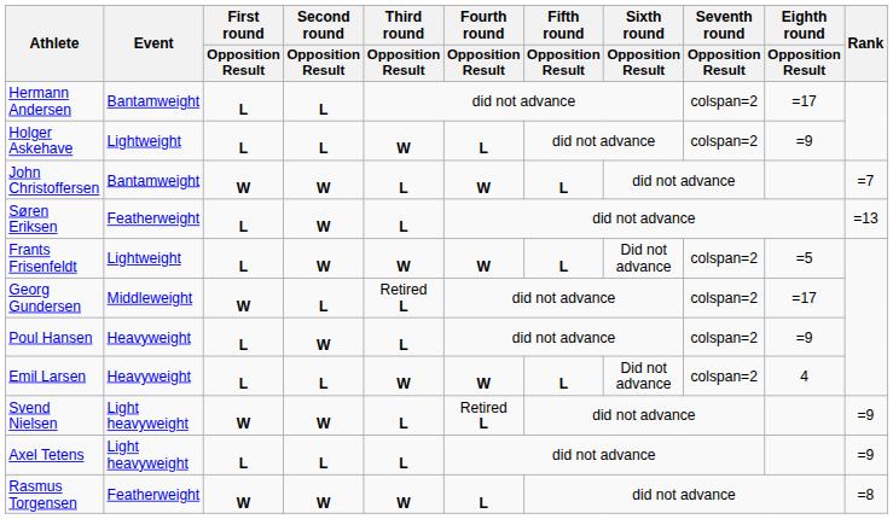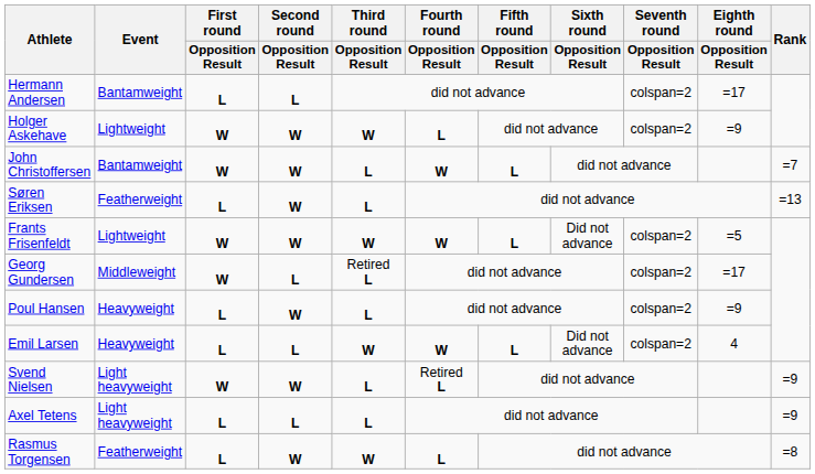 <table class="wikitable" style="font-size:90%;">
 <tr>
 <th rowspan=2>Athlete</th>
 <th rowspan=2>Event</th>
 <th>First round</th>
 <th>Second round</th>
 <th>Third round</th>
 <th>Fourth round</th>
 <th>Fifth round</th>
 <th>Sixth round</th>
 <th>Seventh round</th>
 <th>Eighth round</th>
 <th rowspan=2>Rank</th>
 </tr>
 <tr style="font-size: 95%">
 <th>Opposition<br>Result</th>
 <th>Opposition<br>Result</th>
 <th>Opposition<br>Result</th>
 <th>Opposition<br>Result</th>
 <th>Opposition<br>Result</th>
 <th>Opposition<br>Result</th>
 <th>Opposition<br>Result</th>
 <th>Opposition<br>Result</th>
 </tr>
 <tr align=center>
 <td align=left><a href='#'>Hermann Andersen</a></td>
 <td align=left><a href='#'>Bantamweight</a></td>
 <td> <br> <strong>L</strong></td>
 <td> <br> <strong>L</strong></td>
 <td colspan=4>did not advance</td>
 <td>colspan=2 </td>
 <td>=17</td>
 </tr>
 <tr align=center>
 <td align=left><a href='#'>Holger Askehave</a></td>
 <td align=left><a href='#'>Lightweight</a></td>
-<td> <br> <strong>L</strong></td>
-<td> <br> <strong>L</strong></td>
+<td> <br> <strong>W</strong></td>
+<td> <br> <strong>W</strong></td>
 <td> <br> <strong>W</strong></td>
 <td> <br> <strong>L</strong></td>
 <td colspan=2>did not advance</td>
 <td>colspan=2 </td>
 <td>=9</td>
 </tr>
 <tr align=center>
 <td align=left><a href='#'>John Christoffersen</a></td>
 <td align=left><a href='#'>Bantamweight</a></td>
 <td> <br> <strong>W</strong></td>
 <td> <br> <strong>W</strong></td>
 <td> <br> <strong>L</strong></td>
 <td> <br> <strong>W</strong></td>
 <td> <br> <strong>L</strong></td>
 <td colspan=2>did not advance</td>
 <td></td>
 <td>=7</td>
 </tr>
 <tr align=center>
 <td align=left><a href='#'>Søren Eriksen</a></td>
 <td align=left><a href='#'>Featherweight</a></td>
 <td> <br> <strong>L</strong></td>
 <td> <br> <strong>W</strong></td>
 <td> <br> <strong>L</strong></td>
 <td colspan=5>did not advance</td>
 <td>=13</td>
 </tr>
 <tr align=center>
 <td align=left><a href='#'>Frants Frisenfeldt</a></td>
 <td align=left><a href='#'>Lightweight</a></td>
-<td> <br> <strong>L</strong></td>
+<td> <br> <strong>W</strong></td>
 <td> <br> <strong>W</strong></td>
 <td> <br> <strong>W</strong></td>
 <td> <br> <strong>W</strong></td>
 <td> <br> <strong>L</strong></td>
 <td>Did not advance</td>
 <td>colspan=2 </td>
 <td>=5</td>
 </tr>
 <tr align=center>
 <td align=left><a href='#'>Georg Gundersen</a></td>
 <td align=left><a href='#'>Middleweight</a></td>
 <td> <br> <strong>W</strong></td>
 <td> <br> <strong>L</strong></td>
 <td>Retired <br> <strong>L</strong></td>
 <td colspan=3>did not advance</td>
 <td>colspan=2 </td>
 <td>=17</td>
 </tr>
 <tr align=center>
 <td align=left><a href='#'>Poul Hansen</a></td>
 <td align=left><a href='#'>Heavyweight</a></td>
 <td> <br> <strong>L</strong></td>
 <td> <br> <strong>W</strong></td>
 <td> <br> <strong>L</strong></td>
 <td colspan=3>did not advance</td>
 <td>colspan=2 </td>
 <td>=9</td>
 </tr>
 <tr align=center>
 <td align=left><a href='#'>Emil Larsen</a></td>
 <td align=left><a href='#'>Heavyweight</a></td>
 <td> <br> <strong>L</strong></td>
 <td> <br> <strong>L</strong></td>
 <td> <br> <strong>W</strong></td>
 <td> <br> <strong>W</strong></td>
 <td> <br> <strong>L</strong></td>
 <td>Did not advance</td>
 <td>colspan=2 </td>
 <td>4</td>
 </tr>
 <tr align=center>
 <td align=left><a href='#'>Svend Nielsen</a></td>
 <td align=left><a href='#'>Light heavyweight</a></td>
 <td> <br> <strong>W</strong></td>
 <td> <br> <strong>W</strong></td>
 <td> <br> <strong>L</strong></td>
 <td>Retired <br> <strong>L</strong></td>
 <td colspan=3>did not advance</td>
 <td></td>
 <td>=9</td>
 </tr>
 <tr align=center>
 <td align=left><a href='#'>Axel Tetens</a></td>
 <td align=left><a href='#'>Light heavyweight</a></td>
 <td> <br> <strong>L</strong></td>
 <td> <br> <strong>L</strong></td>
 <td> <br> <strong>L</strong></td>
 <td colspan=4>did not advance</td>
 <td></td>
 <td>=9</td>
 </tr>
 <tr align=center>
 <td align=left><a href='#'>Rasmus Torgensen</a></td>
 <td align=left><a href='#'>Featherweight</a></td>
-<td> <br> <strong>W</strong></td>
+<td> <br> <strong>L</strong></td>
 <td> <br> <strong>W</strong></td>
 <td> <br> <strong>W</strong></td>
 <td> <br> <strong>L</strong></td>
 <td colspan=4>did not advance</td>
 <td>=8</td>
 </tr>
 </table>
